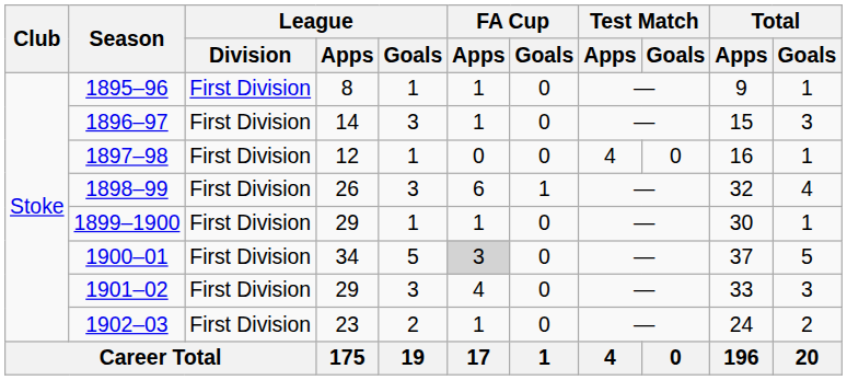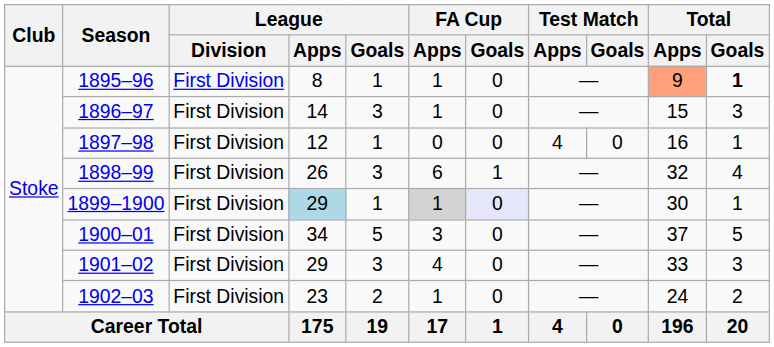 <table class="wikitable" style="text-align: center;">
 <tr>
 <th rowspan="2">Club</th>
 <th rowspan="2">Season</th>
 <th colspan="3">League</th>
 <th colspan="2">FA Cup</th>
 <th colspan="2">Test Match</th>
 <th colspan="2">Total</th>
 </tr>
 <tr>
 <th>Division</th>
 <th>Apps</th>
 <th>Goals</th>
 <th>Apps</th>
 <th>Goals</th>
 <th>Apps</th>
 <th>Goals</th>
 <th>Apps</th>
 <th>Goals</th>
 </tr>
 <tr>
 <td rowspan="8"><a href='#'>Stoke</a></td>
 <td><a href='#'>1895–96</a></td>
 <td><a href='#'>First Division</a></td>
 <td>8</td>
 <td>1</td>
 <td>1</td>
 <td>0</td>
 <td colspan="2">—</td>
-<td>9</td>
-<td>1</td>
+<td style="background: lightsalmon;">9</td>
+<td><strong>1</strong></td>
 </tr>
 <tr>
 <td><a href='#'>1896–97</a></td>
 <td>First Division</td>
 <td>14</td>
 <td>3</td>
 <td>1</td>
 <td>0</td>
 <td colspan="2">—</td>
 <td>15</td>
 <td>3</td>
 </tr>
 <tr>
 <td><a href='#'>1897–98</a></td>
 <td>First Division</td>
 <td>12</td>
 <td>1</td>
 <td>0</td>
 <td>0</td>
 <td>4</td>
 <td>0</td>
 <td>16</td>
 <td>1</td>
 </tr>
 <tr>
 <td><a href='#'>1898–99</a></td>
 <td>First Division</td>
 <td>26</td>
 <td>3</td>
 <td>6</td>
 <td>1</td>
 <td colspan="2">—</td>
 <td>32</td>
 <td>4</td>
 </tr>
 <tr>
 <td><a href='#'>1899–1900</a></td>
 <td>First Division</td>
-<td>29</td>
+<td style="background: lightblue;">29</td>
 <td>1</td>
-<td>1</td>
-<td>0</td>
+<td style="background: lightgrey;">1</td>
+<td style="background: lavender;">0</td>
 <td colspan="2">—</td>
 <td>30</td>
 <td>1</td>
 </tr>
 <tr>
 <td><a href='#'>1900–01</a></td>
 <td>First Division</td>
 <td>34</td>
 <td>5</td>
-<td style="background: lightgrey;">3</td>
+<td>3</td>
 <td>0</td>
 <td colspan="2">—</td>
 <td>37</td>
 <td>5</td>
 </tr>
 <tr>
 <td><a href='#'>1901–02</a></td>
 <td>First Division</td>
 <td>29</td>
 <td>3</td>
 <td>4</td>
 <td>0</td>
 <td colspan="2">—</td>
 <td>33</td>
 <td>3</td>
 </tr>
 <tr>
 <td><a href='#'>1902–03</a></td>
 <td>First Division</td>
 <td>23</td>
 <td>2</td>
 <td>1</td>
 <td>0</td>
 <td colspan="2">—</td>
 <td>24</td>
 <td>2</td>
 </tr>
 <tr>
 <th colspan="3">Career Total</th>
 <th>175</th>
 <th>19</th>
 <th>17</th>
 <th>1</th>
 <th>4</th>
 <th>0</th>
 <th>196</th>
 <th>20</th>
 </tr>
 </table>
